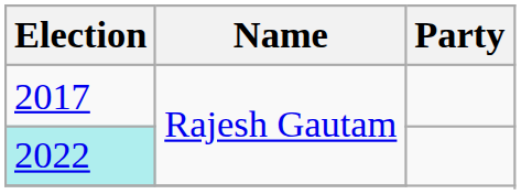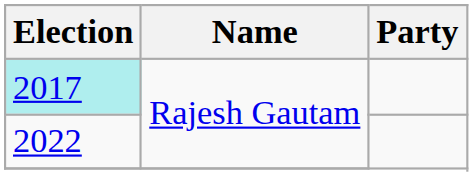 <table class="wikitable sortable">
 <tr>
 <th>Election</th>
 <th>Name</th>
 <th colspan=2>Party</th>
 </tr>
 <tr>
-<td><a href='#'>2017</a></td>
+<td style="background: paleturquoise;"><a href='#'>2017</a></td>
 <td rowspan=2><a href='#'>Rajesh Gautam</a></td>
 <td></td>
 </tr>
 <tr>
-<td style="background: paleturquoise;"><a href='#'>2022</a></td>
+<td><a href='#'>2022</a></td>
 </tr>
 <tr>
 </tr>
 </table>
